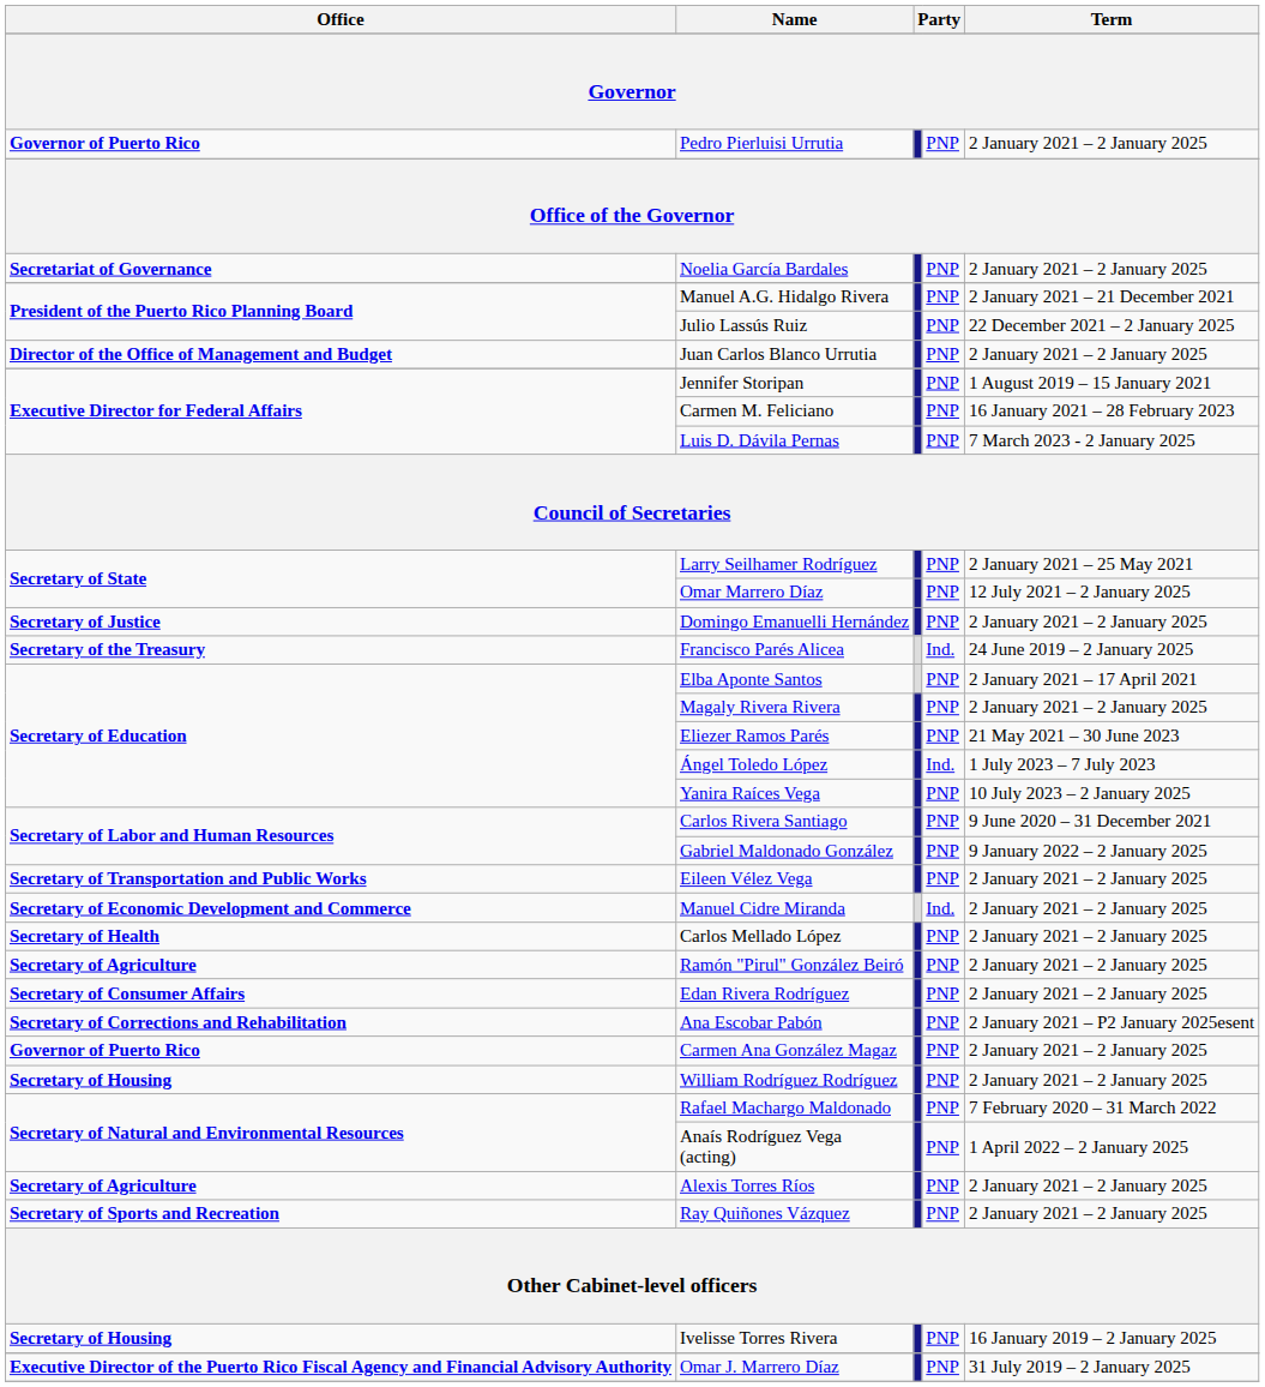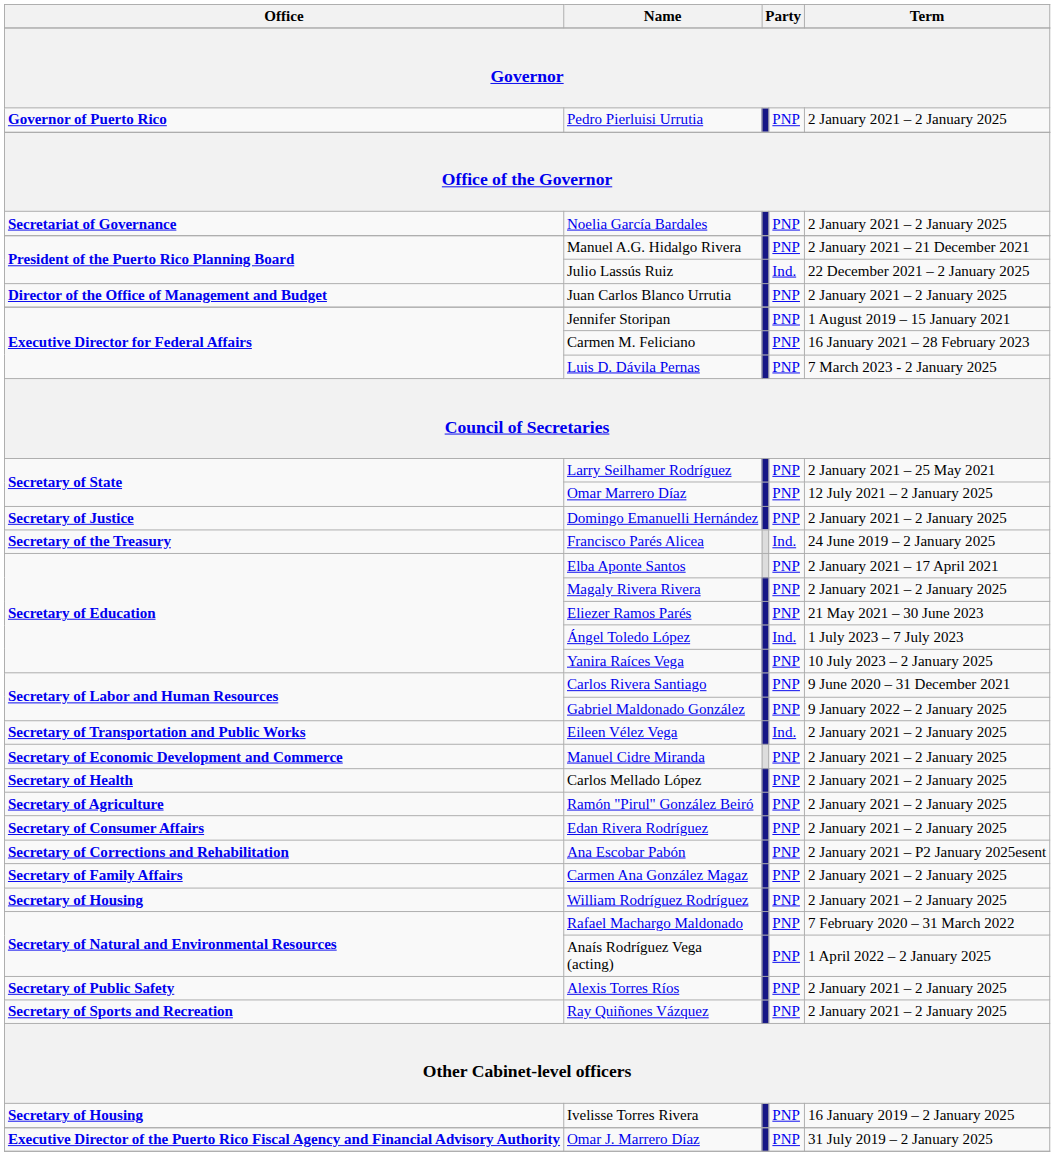 <table class="wikitable">
 <tr>
 <th>Office</th>
 <th>Name</th>
 <th colspan="2">Party</th>
 <th>Term</th>
 </tr>
 <tr>
 </tr>
 <tr>
 <th colspan="9"><br><h3><a href='#'>Governor</a></h3></th>
 </tr>
 <tr>
 <td rowspan="1"><strong><a href='#'>Governor of Puerto Rico</a></strong><br></td>
 <td><a href='#'>Pedro Pierluisi Urrutia</a></td>
 <td style="background-color:#161686"></td>
 <td><a href='#'>PNP</a></td>
 <td>2 January 2021 – 2 January 2025</td>
 </tr>
 <tr>
 </tr>
 <tr>
 <th colspan="9"><br><h3><a href='#'>Office of the Governor</a></h3></th>
 </tr>
 <tr>
 <td rowspan="1"><strong><a href='#'>Secretariat of Governance</a></strong><br></td>
 <td><a href='#'>Noelia García Bardales</a></td>
 <td style="background-color:#161686"></td>
 <td><a href='#'>PNP</a></td>
 <td>2 January 2021 – 2 January 2025</td>
 </tr>
 <tr>
 </tr>
 <tr>
 <td rowspan="2"><strong><a href='#'>President of the Puerto Rico Planning Board</a></strong><br></td>
 <td>Manuel A.G. Hidalgo Rivera </td>
 <td style="background-color:#161686"></td>
 <td><a href='#'>PNP</a></td>
 <td>2 January 2021 – 21 December 2021</td>
 </tr>
 <tr>
 <td>Julio Lassús Ruiz</td>
 <td style="background-color:#161686"></td>
-<td><a href='#'>PNP</a></td>
+<td><a href='#'>Ind.</a></td>
 <td>22 December 2021 – 2 January 2025</td>
 </tr>
 <tr>
 <td rowspan="1"><strong><a href='#'>Director of the Office of Management and Budget</a></strong><br></td>
 <td>Juan Carlos Blanco Urrutia </td>
 <td style="background-color:#161686"></td>
 <td><a href='#'>PNP</a></td>
 <td>2 January 2021 – 2 January 2025</td>
 </tr>
 <tr>
 </tr>
 <tr>
 <td rowspan="3"><strong><a href='#'>Executive Director for Federal Affairs</a></strong><br></td>
 <td>Jennifer Storipan </td>
 <td style="background-color:#161686"></td>
 <td><a href='#'>PNP</a></td>
 <td>1 August 2019 – 15 January 2021</td>
 </tr>
 <tr>
 <td>Carmen M. Feliciano </td>
 <td style="background-color:#161686"></td>
 <td><a href='#'>PNP</a></td>
 <td>16 January 2021 – 28 February 2023</td>
 </tr>
 <tr>
 <td><a href='#'>Luis D. Dávila Pernas</a></td>
 <td style="background-color:#161686"></td>
 <td><a href='#'>PNP</a></td>
 <td>7 March 2023 - 2 January 2025</td>
 </tr>
 <tr>
 <th colspan="9"><br><h3><a href='#'>Council of Secretaries</a></h3></th>
 </tr>
 <tr>
 <td rowspan="2"><strong><a href='#'>Secretary of State</a></strong><br></td>
 <td><a href='#'>Larry Seilhamer Rodríguez</a></td>
 <td style="background-color:#161686"></td>
 <td><a href='#'>PNP</a></td>
 <td>2 January 2021 – 25 May 2021</td>
 </tr>
 <tr>
 <td><a href='#'>Omar Marrero Díaz</a></td>
 <td style="background-color:#161686"></td>
 <td><a href='#'>PNP</a></td>
 <td>12 July 2021 – 2 January 2025</td>
 </tr>
 <tr>
 <td><strong><a href='#'>Secretary of Justice</a></strong><br></td>
 <td><a href='#'>Domingo Emanuelli Hernández</a></td>
 <td style="background-color:#161686"></td>
 <td><a href='#'>PNP</a></td>
 <td>2 January 2021 – 2 January 2025</td>
 </tr>
 <tr>
 <td><strong><a href='#'>Secretary of the Treasury</a></strong><br></td>
 <td><a href='#'>Francisco Parés Alicea</a></td>
 <td style="background-color:#DDDDDD"></td>
 <td><a href='#'>Ind.</a></td>
 <td>24 June 2019 – 2 January 2025</td>
 </tr>
 <tr>
 <td rowspan="5"><strong><a href='#'>Secretary of Education</a></strong><br></td>
 <td><a href='#'>Elba Aponte Santos</a></td>
 <td style="background-color:#DDDDDD"></td>
 <td><a href='#'>PNP</a></td>
 <td>2 January  2021 – 17 April 2021</td>
 </tr>
 <tr>
 <td><a href='#'>Magaly Rivera Rivera</a></td>
 <td style="background-color:#161686"></td>
 <td><a href='#'>PNP</a></td>
 <td>2 January 2021 – 2 January 2025</td>
 </tr>
 <tr>
 <td><a href='#'>Eliezer Ramos Parés</a></td>
 <td style="background-color:#161686"></td>
 <td><a href='#'>PNP</a></td>
 <td>21 May 2021 – 30 June 2023</td>
 </tr>
 <tr>
 <td><a href='#'>Ángel Toledo López</a></td>
 <td style="background-color:#161686"></td>
 <td><a href='#'>Ind.</a></td>
 <td>1 July 2023 – 7 July 2023</td>
 </tr>
 <tr>
 <td><a href='#'>Yanira Raíces Vega</a></td>
 <td style="background-color:#161686"></td>
 <td><a href='#'>PNP</a></td>
 <td>10 July 2023 – 2 January 2025</td>
 </tr>
 <tr>
 <td rowspan="2"><strong><a href='#'>Secretary of Labor and Human Resources</a></strong><br></td>
 <td><a href='#'>Carlos Rivera Santiago</a></td>
 <td style="background-color:#161686"></td>
 <td><a href='#'>PNP</a></td>
 <td>9 June 2020 – 31 December  2021</td>
 </tr>
 <tr>
 <td><a href='#'>Gabriel Maldonado González</a></td>
 <td style="background-color:#161686"></td>
 <td><a href='#'>PNP</a></td>
 <td>9 January 2022 – 2 January 2025</td>
 </tr>
 <tr>
 <td><strong><a href='#'>Secretary of Transportation and Public Works</a></strong><br></td>
 <td><a href='#'>Eileen Vélez Vega</a></td>
 <td style="background-color:#161686"></td>
-<td><a href='#'>PNP</a></td>
+<td><a href='#'>Ind.</a></td>
 <td>2 January 2021 – 2 January 2025</td>
 </tr>
 <tr>
 <td><strong><a href='#'>Secretary of Economic Development and Commerce</a></strong><br></td>
 <td><a href='#'>Manuel Cidre Miranda</a></td>
 <td style="background-color:#DDDDDD"></td>
-<td><a href='#'>Ind.</a></td>
+<td><a href='#'>PNP</a></td>
 <td>2 January 2021 – 2 January 2025</td>
 </tr>
 <tr>
 <td><strong><a href='#'>Secretary of Health</a></strong><br></td>
 <td>Carlos Mellado López</td>
 <td style="background-color:#161686"></td>
 <td><a href='#'>PNP</a></td>
 <td>2 January 2021 – 2 January 2025</td>
 </tr>
 <tr>
 <td><strong><a href='#'>Secretary of Agriculture</a></strong><br></td>
 <td><a href='#'>Ramón "Pirul" González Beiró</a></td>
 <td style="background-color:#161686"></td>
 <td><a href='#'>PNP</a></td>
 <td>2 January 2021 – 2 January 2025</td>
 </tr>
 <tr>
 <td><strong><a href='#'>Secretary of Consumer Affairs</a></strong><br></td>
 <td><a href='#'>Edan Rivera Rodríguez</a></td>
 <td style="background-color:#161686"></td>
 <td><a href='#'>PNP</a></td>
 <td>2 January 2021 – 2 January 2025</td>
 </tr>
 <tr>
 <td><strong><a href='#'>Secretary of Corrections and Rehabilitation</a></strong><br></td>
 <td><a href='#'>Ana Escobar Pabón</a></td>
 <td style="background-color:#161686"></td>
 <td><a href='#'>PNP</a></td>
 <td>2 January 2021 – P2 January 2025esent</td>
 </tr>
 <tr>
-<td rowspan="1"><strong><a href='#'>Governor of Puerto Rico</a></strong><br></td>
+<td><strong><a href='#'>Secretary of Family Affairs</a></strong><br></td>
 <td><a href='#'>Carmen Ana González Magaz</a></td>
 <td style="background-color:#161686"></td>
 <td><a href='#'>PNP</a></td>
 <td>2 January 2021 – 2 January 2025</td>
 </tr>
 <tr>
 <td><strong><a href='#'>Secretary of Housing</a></strong><br></td>
 <td><a href='#'>William Rodríguez Rodríguez</a></td>
 <td style="background-color:#161686"></td>
 <td><a href='#'>PNP</a></td>
 <td>2 January 2021 – 2 January 2025</td>
 </tr>
 <tr>
 <td rowspan="2"><strong><a href='#'>Secretary of Natural and Environmental Resources</a></strong><br></td>
 <td><a href='#'>Rafael Machargo Maldonado</a></td>
 <td style="background-color:#161686"></td>
 <td><a href='#'>PNP</a></td>
 <td>7 February 2020 – 31 March 2022</td>
 </tr>
 <tr>
 <td>Anaís Rodríguez Vega<br>(acting)</td>
 <td style="background-color:#161686"></td>
 <td><a href='#'>PNP</a></td>
 <td>1 April 2022 – 2 January 2025</td>
 </tr>
 <tr>
-<td><strong><a href='#'>Secretary of Agriculture</a></strong><br></td>
+<td><strong><a href='#'>Secretary of Public Safety</a></strong><br></td>
 <td><a href='#'>Alexis Torres Ríos</a></td>
 <td style="background-color:#161686"></td>
 <td><a href='#'>PNP</a></td>
 <td>2 January 2021 – 2 January 2025</td>
 </tr>
 <tr>
 <td><strong><a href='#'>Secretary of Sports and Recreation</a></strong><br></td>
 <td><a href='#'>Ray Quiñones Vázquez</a></td>
 <td style="background-color:#161686"></td>
 <td><a href='#'>PNP</a></td>
 <td>2 January 2021 – 2 January 2025</td>
 </tr>
 <tr>
 <th colspan="9"><br><h3>Other Cabinet-level officers</h3></th>
 </tr>
 <tr>
 <td><strong><a href='#'>Secretary of Housing</a></strong><br></td>
 <td>Ivelisse Torres Rivera</td>
 <td style="background-color:#161686"></td>
 <td><a href='#'>PNP</a></td>
 <td>16 January 2019 – 2 January 2025</td>
 </tr>
 <tr>
 </tr>
 <tr>
 <td><strong><a href='#'>Executive Director of the Puerto Rico Fiscal Agency and Financial Advisory Authority</a></strong><br></td>
 <td><a href='#'>Omar J. Marrero Díaz</a></td>
 <td style="background-color:#161686"></td>
 <td><a href='#'>PNP</a></td>
 <td>31 July 2019 – 2 January 2025</td>
 </tr>
 <tr>
 </tr>
 </table>
